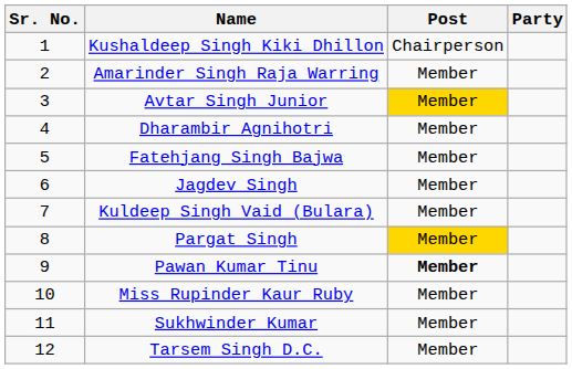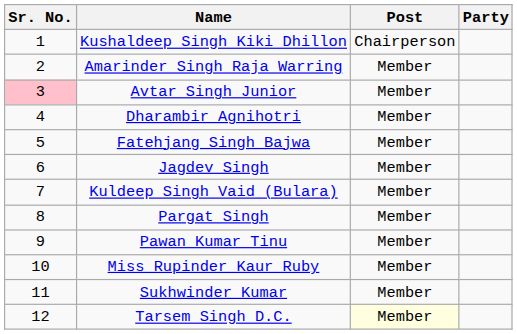 <table class="wikitable sortable">
 <tr>
 <th>Sr. No.</th>
 <th>Name</th>
 <th>Post</th>
 <th colspan="2">Party</th>
 </tr>
 <tr align="center">
 <td>1</td>
 <td><a href='#'>Kushaldeep Singh Kiki Dhillon</a></td>
 <td>Chairperson</td>
 <td></td>
 </tr>
 <tr align="center">
 <td>2</td>
 <td><a href='#'>Amarinder Singh Raja Warring</a></td>
 <td>Member</td>
 <td></td>
 </tr>
 <tr align="center">
-<td>3</td>
+<td style="background: pink;">3</td>
 <td><a href='#'>Avtar Singh Junior</a></td>
-<td style="background: gold;">Member</td>
+<td>Member</td>
 <td></td>
 </tr>
 <tr align="center">
 <td>4</td>
 <td><a href='#'>Dharambir Agnihotri</a></td>
 <td>Member</td>
 <td></td>
 </tr>
 <tr align="center">
 <td>5</td>
 <td><a href='#'>Fatehjang Singh Bajwa</a></td>
 <td>Member</td>
 <td></td>
 </tr>
 <tr align="center">
 <td>6</td>
 <td><a href='#'>Jagdev Singh</a></td>
 <td>Member</td>
 <td></td>
 </tr>
 <tr align="center">
 <td>7</td>
 <td><a href='#'>Kuldeep Singh Vaid (Bulara)</a></td>
 <td>Member</td>
 <td></td>
 </tr>
 <tr align="center">
 <td>8</td>
 <td><a href='#'>Pargat Singh</a></td>
-<td style="background: gold;">Member</td>
+<td>Member</td>
 <td></td>
 </tr>
 <tr align="center">
 <td>9</td>
 <td><a href='#'>Pawan Kumar Tinu</a></td>
-<td><strong>Member</strong></td>
+<td>Member</td>
 <td></td>
 </tr>
 <tr align="center">
 <td>10</td>
 <td><a href='#'>Miss Rupinder Kaur Ruby</a></td>
 <td>Member</td>
 <td></td>
 </tr>
 <tr align="center">
 <td>11</td>
 <td><a href='#'>Sukhwinder Kumar</a></td>
 <td>Member</td>
 <td></td>
 </tr>
 <tr align="center">
 <td>12</td>
 <td><a href='#'>Tarsem Singh D.C.</a></td>
-<td>Member</td>
+<td style="background: lightyellow;">Member</td>
 <td></td>
 </tr>
 </table>
